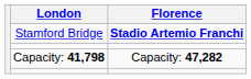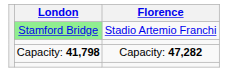 <table class="wikitable" style="margin:1em auto; text-align:center">
 <tr>
 <th rowspan="5"></th>
 <th> <a href='#'>London</a></th>
 <th> <a href='#'>Florence</a></th>
 </tr>
 <tr>
-<td><a href='#'>Stamford Bridge</a></td>
-<td><strong><a href='#'>Stadio Artemio Franchi</a></strong></td>
+<td style="background: lightgreen;"><a href='#'>Stamford Bridge</a></td>
+<td><a href='#'>Stadio Artemio Franchi</a></td>
 </tr>
 <tr>
 <td><small></small></td>
 <td><small></small></td>
 </tr>
 <tr>
 <td>Capacity: <strong>41,798</strong></td>
 <td>Capacity: <strong>47,282</strong></td>
 </tr>
 <tr>
 <td></td>
 <td></td>
 </tr>
 </table>
